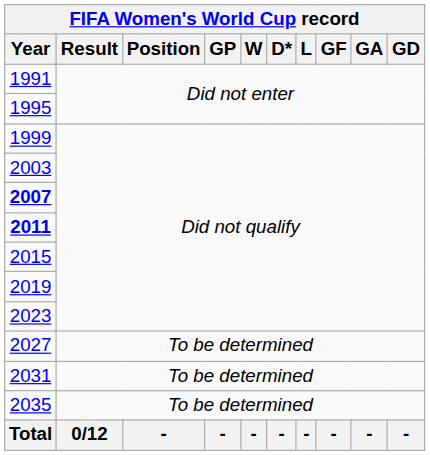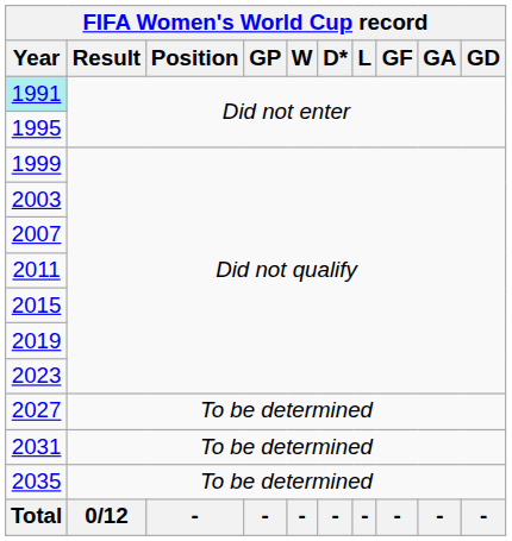 <table class="wikitable" style="text-align: center; width:50%;">
 <tr>
 <th colspan=10><a href='#'>FIFA Women's World Cup</a> record</th>
 </tr>
 <tr>
 <th>Year</th>
 <th>Result</th>
 <th>Position</th>
 <th>GP</th>
 <th>W</th>
 <th>D*</th>
 <th>L</th>
 <th>GF</th>
 <th>GA</th>
 <th>GD</th>
 </tr>
 <tr>
-<td> <a href='#'>1991</a></td>
+<td style="background: paleturquoise;"> <a href='#'>1991</a></td>
 <td colspan=9 rowspan=2><em>Did not enter</em></td>
 </tr>
 <tr>
 <td> <a href='#'>1995</a></td>
 </tr>
 <tr>
 <td> <a href='#'>1999</a></td>
 <td colspan=9 rowspan=7><em>Did not qualify</em></td>
 </tr>
 <tr>
 <td> <a href='#'>2003</a></td>
 </tr>
 <tr>
-<td><strong> <a href='#'>2007</a></strong></td>
+<td> <a href='#'>2007</a></td>
 </tr>
 <tr>
-<td><strong> <a href='#'>2011</a></strong></td>
+<td> <a href='#'>2011</a></td>
 </tr>
 <tr>
 <td> <a href='#'>2015</a></td>
 </tr>
 <tr>
 <td> <a href='#'>2019</a></td>
 </tr>
 <tr>
 <td>  <a href='#'>2023</a></td>
 </tr>
 <tr>
 <td> <a href='#'>2027</a></td>
 <td colspan=9><em>To be determined</em></td>
 </tr>
 <tr>
 <td> <a href='#'>2031</a></td>
 <td colspan=9><em>To be determined</em></td>
 </tr>
 <tr>
 <td> <a href='#'>2035</a></td>
 <td colspan=9><em>To be determined</em></td>
 </tr>
 <tr>
 <th>Total</th>
 <th>0/12</th>
 <th>-</th>
 <th>-</th>
 <th>-</th>
 <th>-</th>
 <th>-</th>
 <th>-</th>
 <th>-</th>
 <th>-</th>
 </tr>
 </table>
